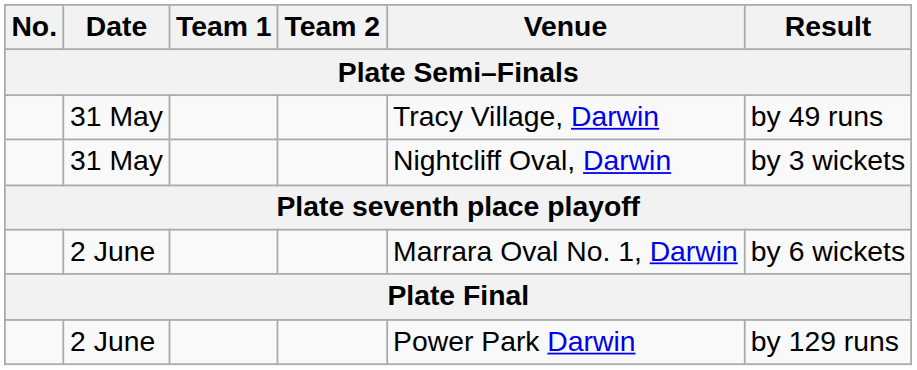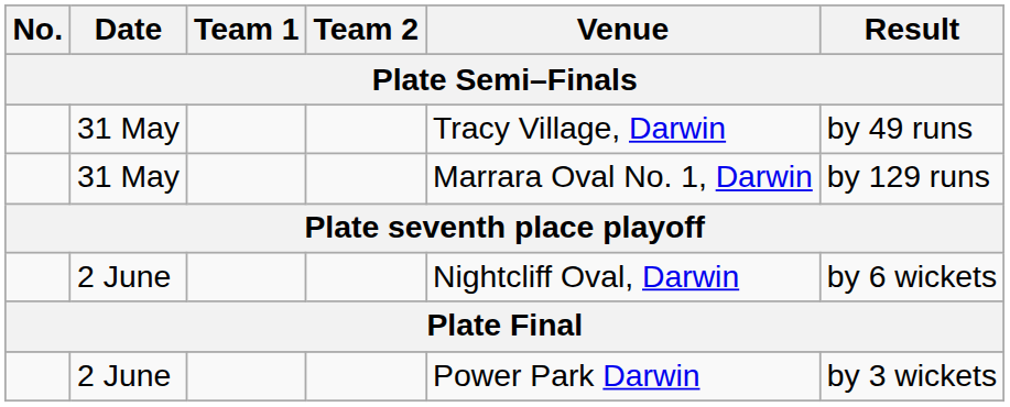 <table class="wikitable">
 <tr>
 <th>No.</th>
 <th>Date</th>
 <th>Team 1</th>
 <th>Team 2</th>
 <th>Venue</th>
 <th>Result</th>
 </tr>
 <tr>
 <th colspan="6">Plate Semi–Finals</th>
 </tr>
 <tr>
 <td></td>
 <td>31 May</td>
 <td></td>
 <td></td>
 <td>Tracy Village, <a href='#'>Darwin</a></td>
 <td> by 49 runs</td>
 </tr>
 <tr>
 <td></td>
 <td>31 May</td>
 <td></td>
 <td></td>
-<td>Nightcliff Oval, <a href='#'>Darwin</a></td>
-<td> by 3 wickets</td>
+<td>Marrara Oval No. 1, <a href='#'>Darwin</a></td>
+<td> by 129 runs</td>
 </tr>
 <tr>
 <th colspan="6">Plate seventh place playoff</th>
 </tr>
 <tr>
 <td></td>
 <td>2 June</td>
 <td></td>
 <td></td>
-<td>Marrara Oval No. 1, <a href='#'>Darwin</a></td>
+<td>Nightcliff Oval, <a href='#'>Darwin</a></td>
 <td> by 6 wickets</td>
 </tr>
 <tr>
 <th colspan="6">Plate Final</th>
 </tr>
 <tr>
 <td></td>
 <td>2 June</td>
 <td></td>
 <td></td>
 <td>Power Park <a href='#'>Darwin</a></td>
-<td> by 129 runs</td>
+<td> by 3 wickets</td>
 </tr>
 </table>
